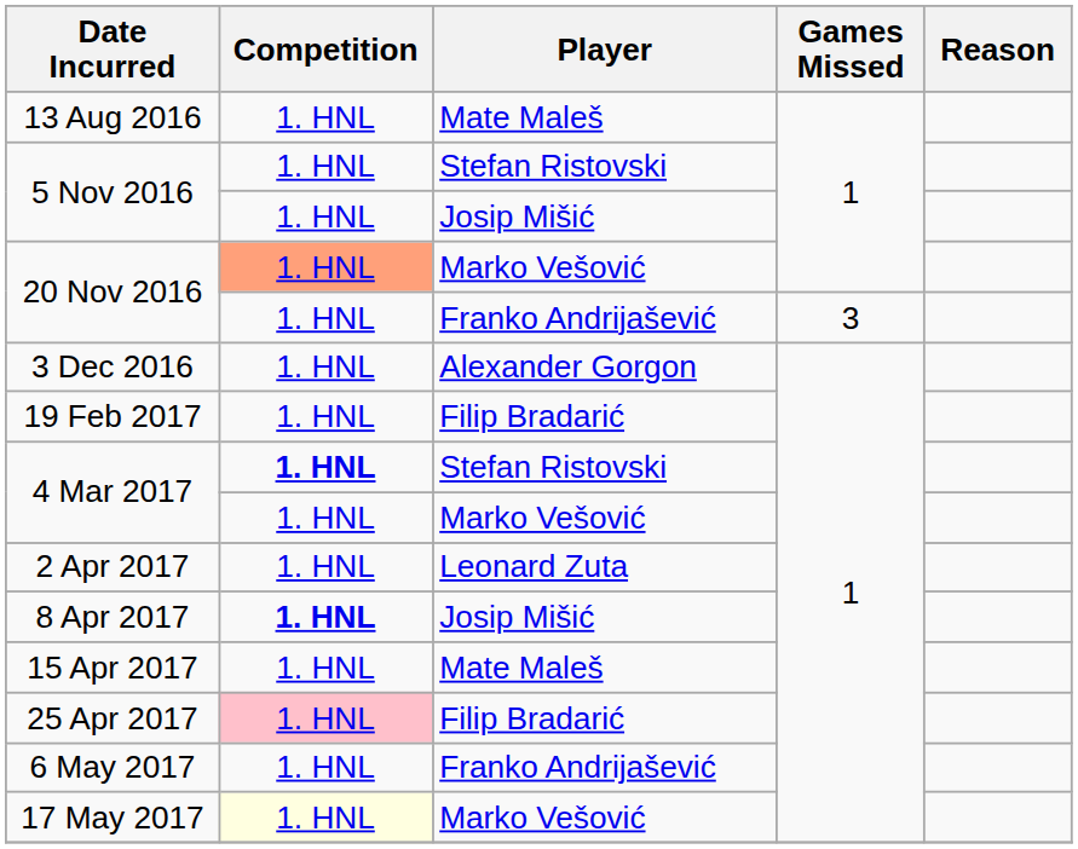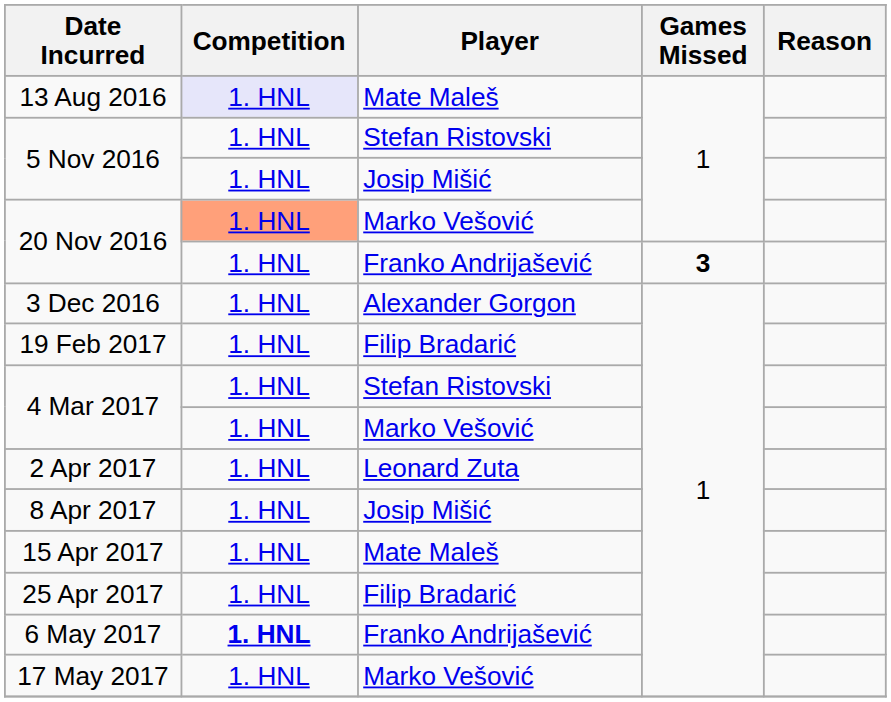 <table class="wikitable" style="font-size: 90%; text-align: center;">
 <tr>
 <th width=90>Date Incurred</th>
 <th width=90>Competition</th>
 <th width=150>Player</th>
 <th width=60>Games Missed</th>
 <th width=60>Reason</th>
 </tr>
 <tr>
 <td>13 Aug 2016</td>
-<td><a href='#'>1. HNL</a></td>
+<td style="background: lavender;"><a href='#'>1. HNL</a></td>
 <td style="text-align:left;"> <a href='#'>Mate Maleš</a></td>
 <td rowspan=4>1</td>
 <td></td>
 </tr>
 <tr>
 <td rowspan=2>5 Nov 2016</td>
 <td><a href='#'>1. HNL</a></td>
 <td style="text-align:left;"> <a href='#'>Stefan Ristovski</a></td>
 <td></td>
 </tr>
 <tr>
 <td><a href='#'>1. HNL</a></td>
 <td style="text-align:left;"> <a href='#'>Josip Mišić</a></td>
 <td></td>
 </tr>
 <tr>
 <td rowspan=2>20 Nov 2016</td>
 <td style="background: lightsalmon;"><a href='#'>1. HNL</a></td>
 <td style="text-align:left;"> <a href='#'>Marko Vešović</a></td>
 <td></td>
 </tr>
 <tr>
 <td><a href='#'>1. HNL</a></td>
 <td style="text-align:left;"> <a href='#'>Franko Andrijašević</a></td>
-<td>3</td>
+<td><strong>3</strong></td>
 <td></td>
 </tr>
 <tr>
 <td>3 Dec 2016</td>
 <td><a href='#'>1. HNL</a></td>
 <td style="text-align:left;"> <a href='#'>Alexander Gorgon</a></td>
 <td rowspan=10>1</td>
 <td></td>
 </tr>
 <tr>
 <td>19 Feb 2017</td>
 <td><a href='#'>1. HNL</a></td>
 <td style="text-align:left;"> <a href='#'>Filip Bradarić</a></td>
 <td></td>
 </tr>
 <tr>
 <td rowspan=2>4 Mar 2017</td>
-<td><strong><a href='#'>1. HNL</a></strong></td>
+<td><a href='#'>1. HNL</a></td>
 <td style="text-align:left;"> <a href='#'>Stefan Ristovski</a></td>
 <td></td>
 </tr>
 <tr>
 <td><a href='#'>1. HNL</a></td>
 <td style="text-align:left;"> <a href='#'>Marko Vešović</a></td>
 <td></td>
 </tr>
 <tr>
 <td>2 Apr 2017</td>
 <td><a href='#'>1. HNL</a></td>
 <td style="text-align:left;"> <a href='#'>Leonard Zuta</a></td>
 <td></td>
 </tr>
 <tr>
 <td>8 Apr 2017</td>
-<td><strong><a href='#'>1. HNL</a></strong></td>
+<td><a href='#'>1. HNL</a></td>
 <td style="text-align:left;"> <a href='#'>Josip Mišić</a></td>
 <td></td>
 </tr>
 <tr>
 <td>15 Apr 2017</td>
 <td><a href='#'>1. HNL</a></td>
 <td style="text-align:left;"> <a href='#'>Mate Maleš</a></td>
 <td></td>
 </tr>
 <tr>
 <td>25 Apr 2017</td>
-<td style="background: pink;"><a href='#'>1. HNL</a></td>
+<td><a href='#'>1. HNL</a></td>
 <td style="text-align:left;"> <a href='#'>Filip Bradarić</a></td>
 <td></td>
 </tr>
 <tr>
 <td>6 May 2017</td>
-<td><a href='#'>1. HNL</a></td>
+<td><strong><a href='#'>1. HNL</a></strong></td>
 <td style="text-align:left;"> <a href='#'>Franko Andrijašević</a></td>
 <td></td>
 </tr>
 <tr>
 <td>17 May 2017</td>
-<td style="background: lightyellow;"><a href='#'>1. HNL</a></td>
+<td><a href='#'>1. HNL</a></td>
 <td style="text-align:left;"> <a href='#'>Marko Vešović</a></td>
 <td></td>
 </tr>
 <tr>
 </tr>
 </table>
